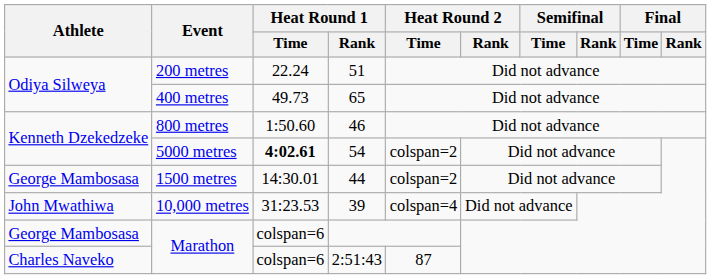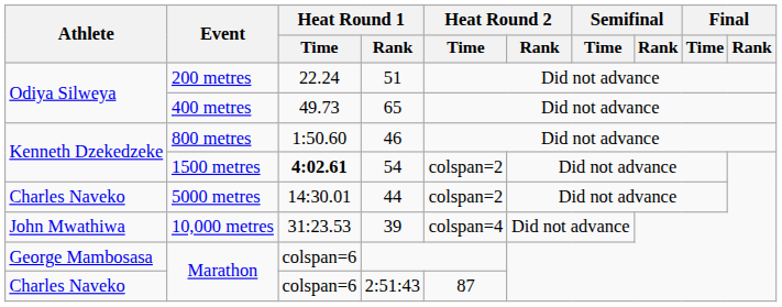 <table class=wikitable style="font-size:90%; text-align:center">
 <tr>
 <th rowspan=2>Athlete</th>
 <th rowspan=2>Event</th>
 <th colspan=2>Heat Round 1</th>
 <th colspan=2>Heat Round 2</th>
 <th colspan=2>Semifinal</th>
 <th colspan=2>Final</th>
 </tr>
 <tr style=font-size:95%>
 <th>Time</th>
 <th>Rank</th>
 <th>Time</th>
 <th>Rank</th>
 <th>Time</th>
 <th>Rank</th>
 <th>Time</th>
 <th>Rank</th>
 </tr>
 <tr align=center>
 <td align=left rowspan=2><a href='#'>Odiya Silweya</a></td>
 <td align=left><a href='#'>200 metres</a></td>
 <td>22.24</td>
 <td>51</td>
 <td colspan=6>Did not advance</td>
 </tr>
 <tr align=center>
 <td align=left><a href='#'>400 metres</a></td>
 <td>49.73</td>
 <td>65</td>
 <td colspan=6>Did not advance</td>
 </tr>
 <tr align=center>
 <td align=left rowspan=2><a href='#'>Kenneth Dzekedzeke</a></td>
 <td align=left><a href='#'>800 metres</a></td>
 <td>1:50.60</td>
 <td>46</td>
 <td colspan=6>Did not advance</td>
 </tr>
 <tr align=center>
-<td align=left><a href='#'>5000 metres</a></td>
+<td align=left><a href='#'>1500 metres</a></td>
 <td><strong>4:02.61</strong></td>
 <td>54</td>
 <td>colspan=2</td>
 <td colspan=4>Did not advance</td>
 </tr>
 <tr align=center>
-<td align=left><a href='#'>George Mambosasa</a></td>
-<td align=left><a href='#'>1500 metres</a></td>
+<td align=left><a href='#'>Charles Naveko</a></td>
+<td align=left><a href='#'>5000 metres</a></td>
 <td>14:30.01</td>
 <td>44</td>
 <td>colspan=2</td>
 <td colspan=4>Did not advance</td>
 </tr>
 <tr align=center>
 <td align=left><a href='#'>John Mwathiwa</a></td>
 <td align=left><a href='#'>10,000 metres</a></td>
 <td>31:23.53</td>
 <td>39</td>
 <td>colspan=4</td>
 <td colspan=2>Did not advance</td>
 </tr>
 <tr align=center>
 <td align=left><a href='#'>George Mambosasa</a></td>
 <td align=lef rowspan=2><a href='#'>Marathon</a></td>
 <td>colspan=6</td>
 <td colspan=2></td>
 </tr>
 <tr align=center>
 <td align=left><a href='#'>Charles Naveko</a></td>
 <td>colspan=6</td>
 <td>2:51:43</td>
 <td>87</td>
 </tr>
 </table>
